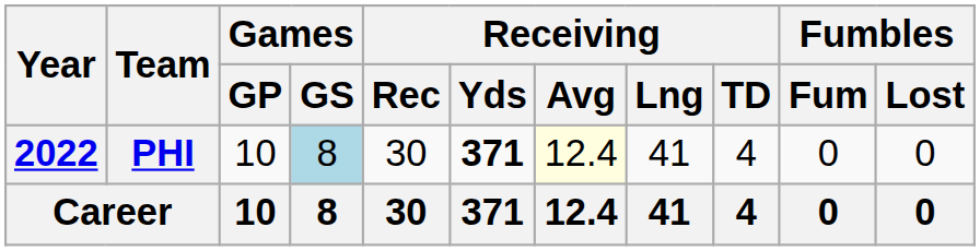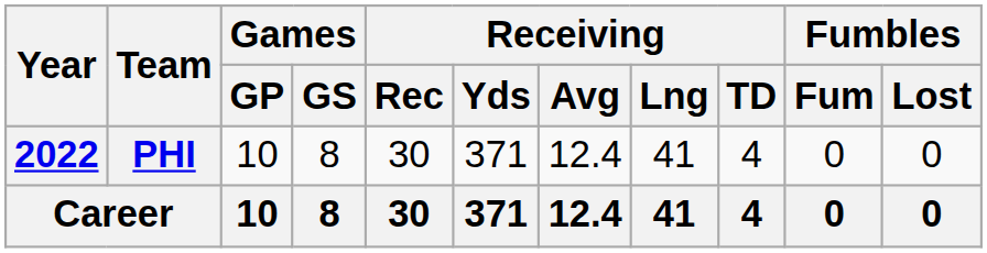 <table class="wikitable" style="text-align:center">
 <tr>
 <th rowspan="2">Year</th>
 <th rowspan="2">Team</th>
 <th colspan="2">Games</th>
 <th colspan="5">Receiving</th>
 <th colspan="2">Fumbles</th>
 </tr>
 <tr>
 <th>GP</th>
 <th>GS</th>
 <th>Rec</th>
 <th>Yds</th>
 <th>Avg</th>
 <th>Lng</th>
 <th>TD</th>
 <th>Fum</th>
 <th>Lost</th>
 </tr>
 <tr>
 <th><a href='#'>2022</a></th>
 <th><a href='#'>PHI</a></th>
 <td>10</td>
-<td style="background: lightblue;">8</td>
+<td>8</td>
 <td>30</td>
-<td><strong>371</strong></td>
-<td style="background: lightyellow;">12.4</td>
+<td>371</td>
+<td>12.4</td>
 <td>41</td>
 <td>4</td>
 <td>0</td>
 <td>0</td>
 </tr>
 <tr>
 <th colspan="2">Career</th>
 <th>10</th>
 <th>8</th>
 <th>30</th>
 <th>371</th>
 <th>12.4</th>
 <th>41</th>
 <th>4</th>
 <th>0</th>
 <th>0</th>
 </tr>
 </table>
